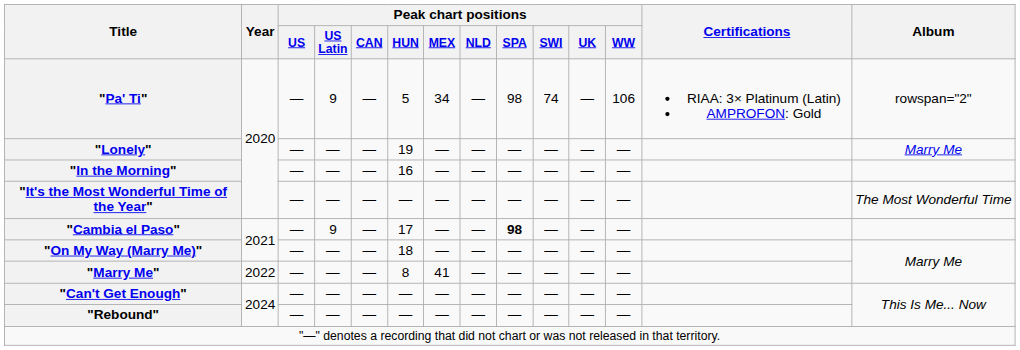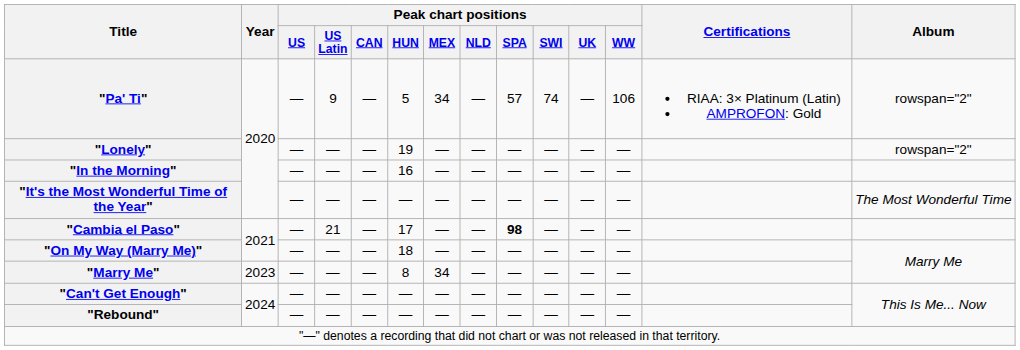 <table class="wikitable plainrowheaders" style="text-align:center;">
 <tr>
 <th scope="col" rowspan="2" style="width:17em;">Title</th>
 <th scope="col" rowspan="2" style="width:1em;">Year</th>
 <th scope="col" colspan="10">Peak chart positions</th>
 <th scope="col" rowspan="2" style="width:15em;"><a href='#'>Certifications</a></th>
 <th scope="col" rowspan="2">Album</th>
 </tr>
 <tr>
 <th scope="col" style="width:2.5em; font-size:90%;"><a href='#'>US</a><br></th>
 <th scope="col" style="width:2.5em; font-size:90%;"><a href='#'>US<br>Latin</a><br></th>
 <th scope="col" style="width:2.5em; font-size:90%;"><a href='#'>CAN</a><br></th>
 <th scope="col" style="width:2.5em; font-size:90%;"><a href='#'>HUN</a><br></th>
 <th scope="col" style="width:2.5em; font-size:90%;"><a href='#'>MEX</a><br></th>
 <th scope="col" style="width:2.5em; font-size:90%;"><a href='#'>NLD</a><br></th>
 <th scope="col" style="width:2.5em; font-size:90%;"><a href='#'>SPA</a><br></th>
 <th scope="col" style="width:2.5em; font-size:90%;"><a href='#'>SWI</a><br></th>
 <th scope="col" style="width:2.5em; font-size:90%;"><a href='#'>UK</a><br></th>
 <th scope="col" style="width:2.5em; font-size:90%;"><a href='#'>WW</a><br></th>
 </tr>
 <tr>
 <th scope="row">"<a href='#'>Pa' Ti</a>"<br></th>
 <td rowspan="4">2020</td>
 <td>—</td>
 <td>9</td>
 <td>—</td>
 <td>5</td>
 <td>34</td>
 <td>—</td>
-<td>98</td>
+<td>57</td>
 <td>74</td>
 <td>—</td>
 <td>106</td>
 <td><br><ul><li>RIAA: 3× Platinum (Latin)</li><li><a href='#'>AMPROFON</a>: Gold</li></ul></td>
 <td>rowspan="2" </td>
 </tr>
 <tr>
 <th scope="row">"<a href='#'>Lonely</a>"<br></th>
 <td>—</td>
 <td>—</td>
 <td>—</td>
 <td>19</td>
 <td>—</td>
 <td>—</td>
 <td>—</td>
 <td>—</td>
 <td>—</td>
 <td>—</td>
 <td></td>
-<td><em><a href='#'>Marry Me</a></em></td>
+<td>rowspan="2" </td>
 </tr>
 <tr>
 <th scope="row">"<a href='#'>In the Morning</a>"</th>
 <td>—</td>
 <td>—</td>
 <td>—</td>
 <td>16</td>
 <td>—</td>
 <td>—</td>
 <td>—</td>
 <td>—</td>
 <td>—</td>
 <td>—</td>
 <td></td>
 </tr>
 <tr>
 <th scope="row">"<a href='#'>It's the Most Wonderful Time of the Year</a>"<br></th>
 <td>—</td>
 <td>—</td>
 <td>—</td>
 <td>—</td>
 <td>—</td>
 <td>—</td>
 <td>—</td>
 <td>—</td>
 <td>—</td>
 <td>—</td>
 <td></td>
 <td><em>The Most Wonderful Time</em></td>
 </tr>
 <tr>
 <th scope="row">"<a href='#'>Cambia el Paso</a>"<br></th>
 <td rowspan="2">2021</td>
 <td>—</td>
-<td>9</td>
+<td>21</td>
 <td>—</td>
 <td>17</td>
 <td>—</td>
 <td>—</td>
 <td><strong>98</strong></td>
 <td>—</td>
 <td>—</td>
 <td>—</td>
 <td></td>
 <td></td>
 </tr>
 <tr>
 <th scope="row">"<a href='#'>On My Way (Marry Me)</a>"</th>
 <td>—</td>
 <td>—</td>
 <td>—</td>
 <td>18</td>
 <td>—</td>
 <td>—</td>
 <td>—</td>
 <td>—</td>
 <td>—</td>
 <td>—</td>
 <td></td>
 <td rowspan="2"><em>Marry Me</em></td>
 </tr>
 <tr>
 <th scope="row">"<a href='#'>Marry Me</a>"<br></th>
-<td>2022</td>
+<td>2023</td>
 <td>—</td>
 <td>—</td>
 <td>—</td>
 <td>8</td>
-<td>41</td>
+<td>34</td>
 <td>—</td>
 <td>—</td>
 <td>—</td>
 <td>—</td>
 <td>—</td>
 <td></td>
 </tr>
 <tr>
 <th scope="row">"<a href='#'>Can't Get Enough</a>"</th>
 <td rowspan="2">2024</td>
 <td>—</td>
 <td>—</td>
 <td>—</td>
 <td>—</td>
 <td>—</td>
 <td>—</td>
 <td>—</td>
 <td>—</td>
 <td>—</td>
 <td>—</td>
 <td></td>
 <td rowspan="2"><em>This Is Me... Now</em></td>
 </tr>
 <tr>
 <th scope="row">"Rebound"</th>
 <td>—</td>
 <td>—</td>
 <td>—</td>
 <td>—</td>
 <td>—</td>
 <td>—</td>
 <td>—</td>
 <td>—</td>
 <td>—</td>
 <td>—</td>
 <td></td>
 </tr>
 <tr>
 <td colspan="14" style="font-size:90%">"—" denotes a recording that did not chart or was not released in that territory.</td>
 </tr>
 </table>
